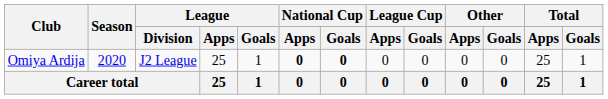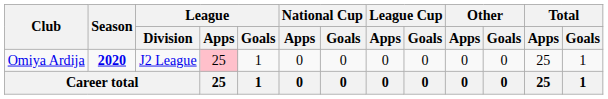 <table class="wikitable" style="text-align: center">
 <tr>
 <th rowspan="2">Club</th>
 <th rowspan="2">Season</th>
 <th colspan="3">League</th>
 <th colspan="2">National Cup</th>
 <th colspan="2">League Cup</th>
 <th colspan="2">Other</th>
 <th colspan="2">Total</th>
 </tr>
 <tr>
 <th>Division</th>
 <th>Apps</th>
 <th>Goals</th>
 <th>Apps</th>
 <th>Goals</th>
 <th>Apps</th>
 <th>Goals</th>
 <th>Apps</th>
 <th>Goals</th>
 <th>Apps</th>
 <th>Goals</th>
 </tr>
 <tr>
 <td><a href='#'>Omiya Ardija</a></td>
-<td><a href='#'>2020</a></td>
+<td><strong><a href='#'>2020</a></strong></td>
 <td><a href='#'>J2 League</a></td>
-<td>25</td>
+<td style="background: pink;">25</td>
 <td>1</td>
-<td><strong>0</strong></td>
-<td><strong>0</strong></td>
+<td>0</td>
+<td>0</td>
 <td>0</td>
 <td>0</td>
 <td>0</td>
 <td>0</td>
 <td>25</td>
 <td>1</td>
 </tr>
 <tr>
 <th colspan=3>Career total</th>
 <th>25</th>
 <th>1</th>
 <th>0</th>
 <th>0</th>
 <th>0</th>
 <th>0</th>
 <th>0</th>
 <th>0</th>
 <th>25</th>
 <th>1</th>
 </tr>
 </table>
